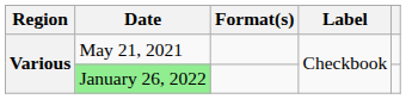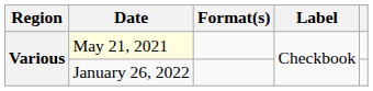 <table class="wikitable plainrowheaders">
 <tr>
 <th scope="col">Region</th>
 <th scope="col">Date</th>
 <th scope="col">Format(s)</th>
 <th scope="col">Label</th>
 <th scope="col"></th>
 </tr>
 <tr>
 <th scope="row" rowspan="2">Various</th>
-<td>May 21, 2021</td>
+<td style="background: lightyellow;">May 21, 2021</td>
 <td></td>
 <td rowspan="2">Checkbook</td>
 <td align="center"></td>
 </tr>
 <tr>
-<td style="background: lightgreen;">January 26, 2022</td>
+<td>January 26, 2022</td>
 <td></td>
 <td align="center"></td>
 </tr>
 </table>
